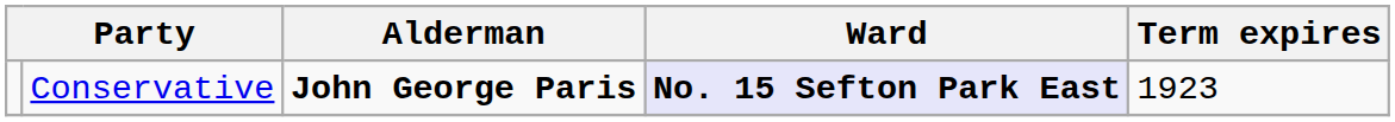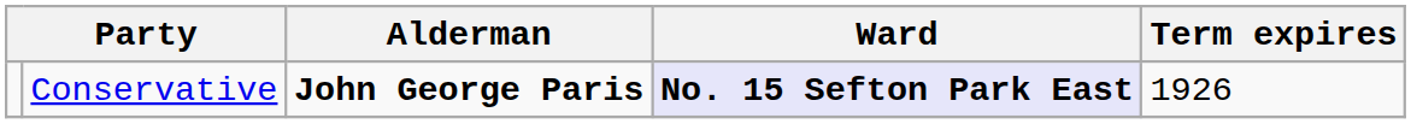 <table class="wikitable">
 <tr>
 <th colspan="2">Party</th>
 <th>Alderman</th>
 <th>Ward</th>
 <th>Term expires</th>
 </tr>
 <tr>
 <td style="background-color:"></td>
 <td><a href='#'>Conservative</a></td>
 <td><strong>John George Paris</strong></td>
 <td style="background: lavender;"><strong>No. 15 Sefton Park East</strong></td>
-<td>1923</td>
+<td>1926</td>
 </tr>
 <tr>
 </tr>
 </table>
